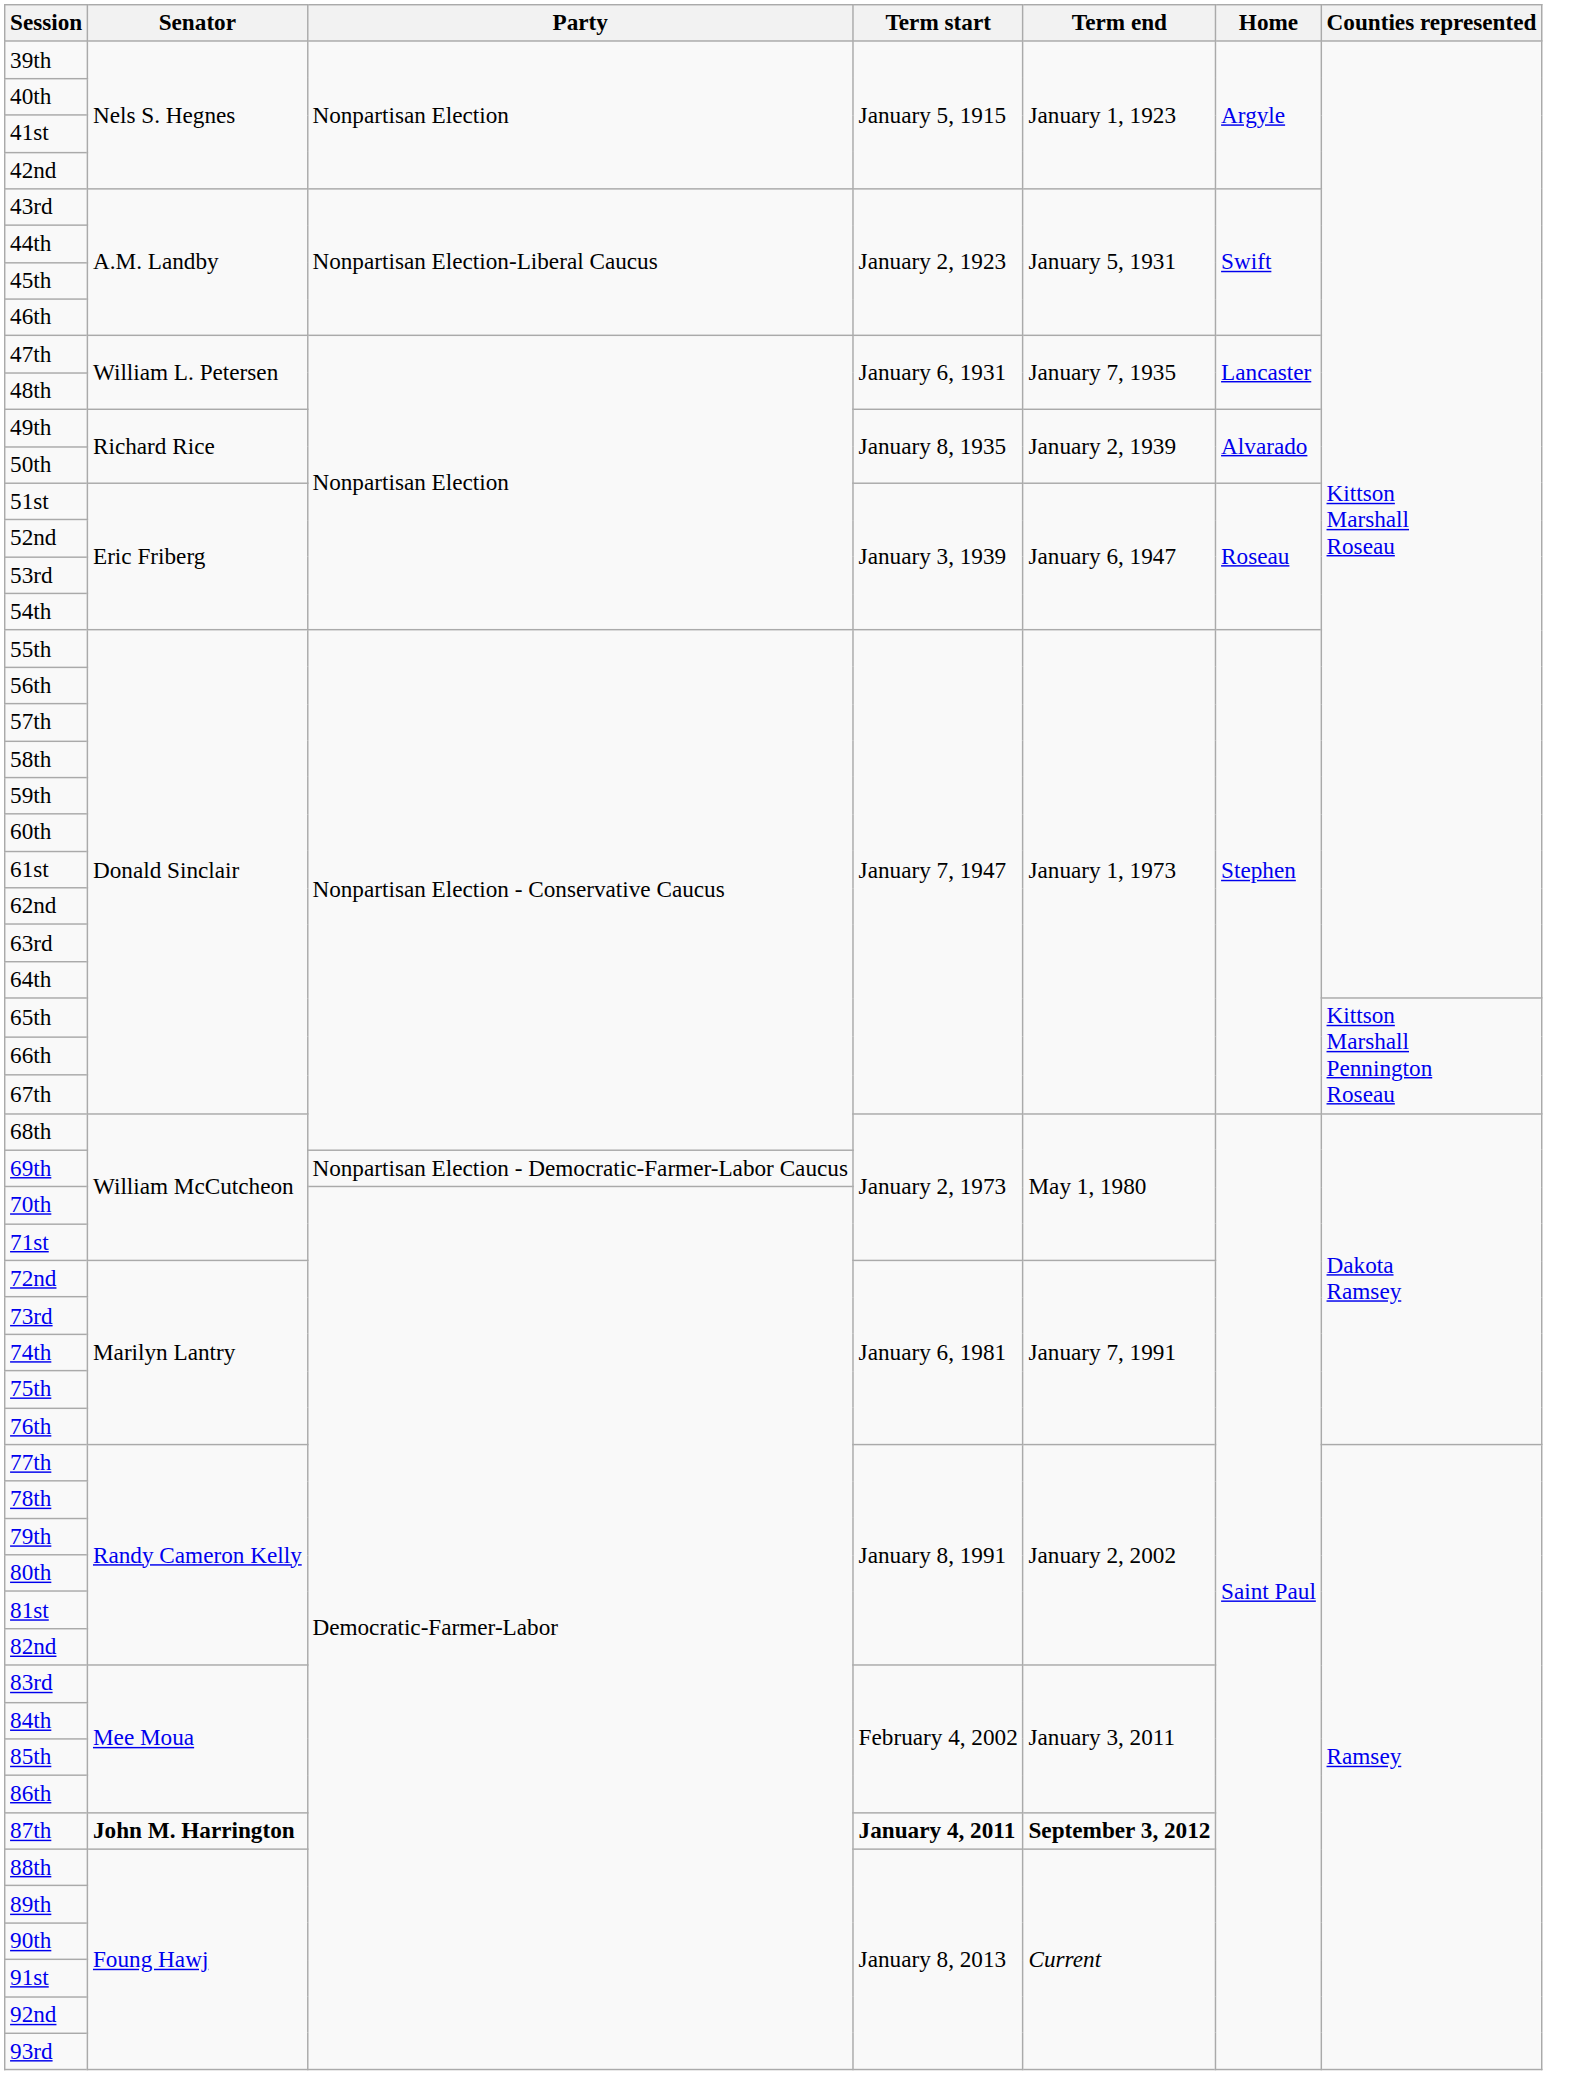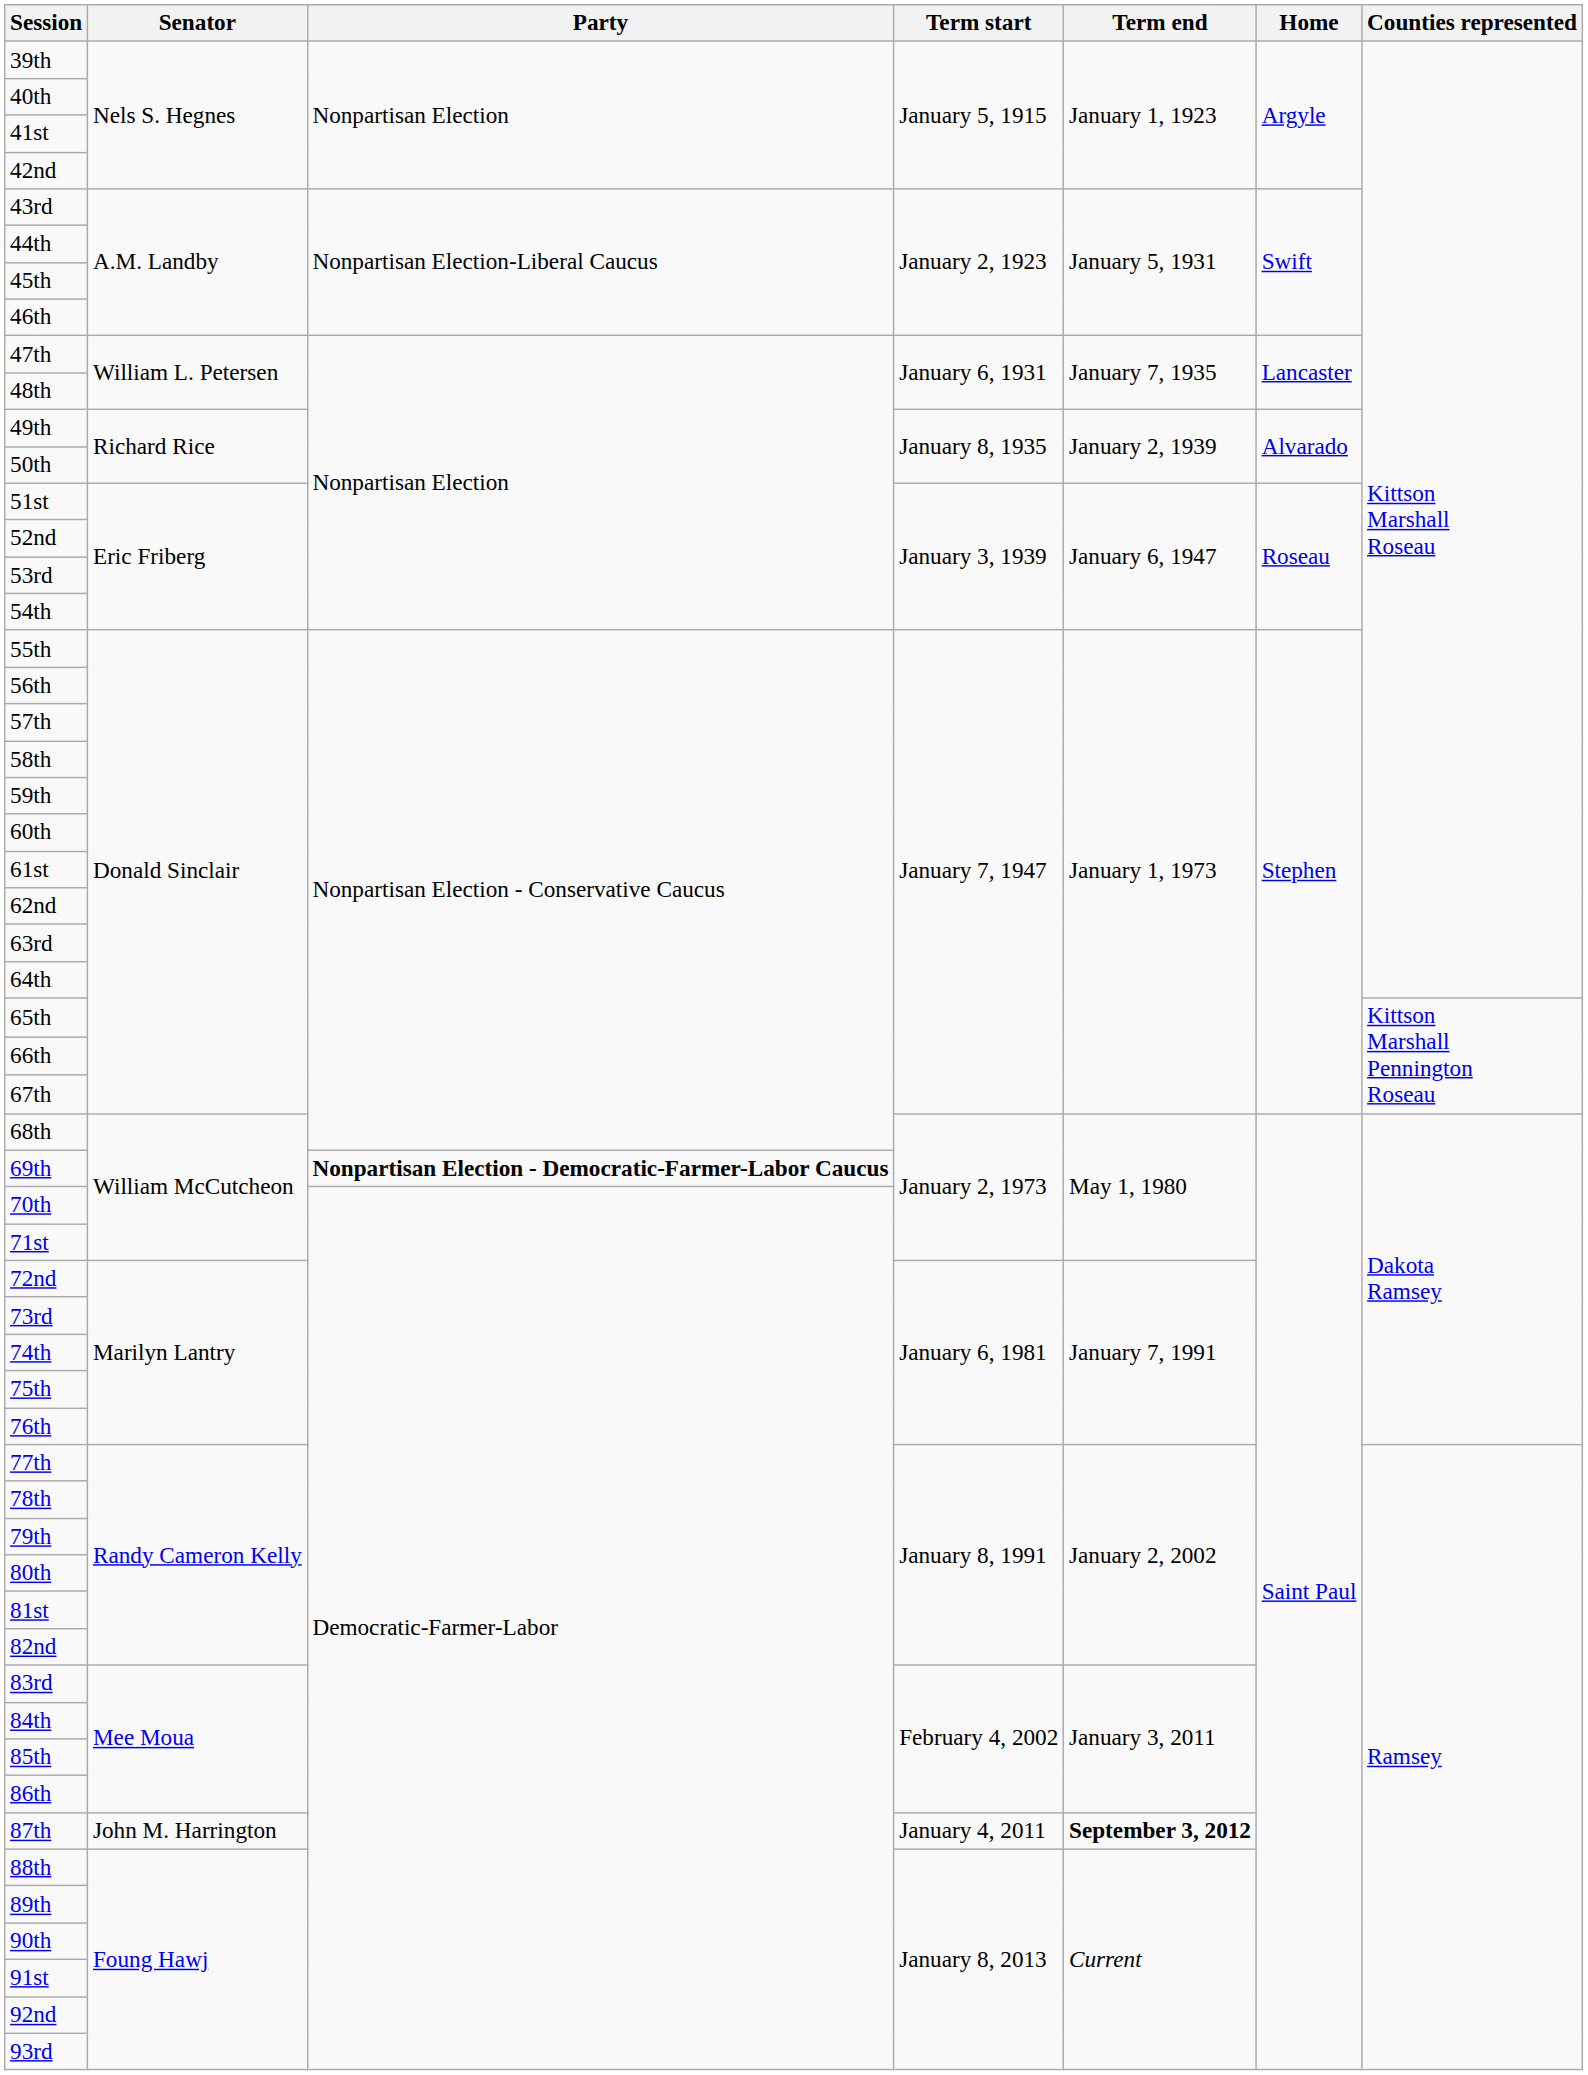 <table role="presentation" class="wikitable mw-collapsible">
 <tr>
 <th>Session</th>
 <th>Senator</th>
 <th>Party</th>
 <th>Term start</th>
 <th>Term end</th>
 <th>Home</th>
 <th>Counties represented</th>
 </tr>
 <tr>
 <td>39th</td>
 <td rowspan="4">Nels S. Hegnes</td>
 <td rowspan="4" >Nonpartisan Election</td>
 <td rowspan="4">January 5, 1915</td>
 <td rowspan="4">January 1, 1923</td>
 <td rowspan="4"><a href='#'>Argyle</a></td>
 <td rowspan="26"><a href='#'>Kittson</a> <br> <a href='#'>Marshall</a> <br> <a href='#'>Roseau</a></td>
 </tr>
 <tr>
 <td>40th</td>
 </tr>
 <tr>
 <td>41st</td>
 </tr>
 <tr>
 <td>42nd</td>
 </tr>
 <tr>
 <td>43rd</td>
 <td rowspan="4">A.M. Landby</td>
 <td rowspan="4" >Nonpartisan Election-Liberal Caucus</td>
 <td rowspan="4">January 2, 1923</td>
 <td rowspan="4">January 5, 1931</td>
 <td rowspan="4"><a href='#'>Swift</a></td>
 </tr>
 <tr>
 <td>44th</td>
 </tr>
 <tr>
 <td>45th</td>
 </tr>
 <tr>
 <td>46th</td>
 </tr>
 <tr>
 <td>47th</td>
 <td rowspan="2">William L. Petersen</td>
 <td rowspan="8" >Nonpartisan Election</td>
 <td rowspan="2">January 6, 1931</td>
 <td rowspan="2">January 7, 1935</td>
 <td rowspan="2"><a href='#'>Lancaster</a></td>
 </tr>
 <tr>
 <td>48th</td>
 </tr>
 <tr>
 <td>49th</td>
 <td rowspan="2">Richard Rice</td>
 <td rowspan="2">January 8, 1935</td>
 <td rowspan="2">January 2, 1939</td>
 <td rowspan="2"><a href='#'>Alvarado</a></td>
 </tr>
 <tr>
 <td>50th</td>
 </tr>
 <tr>
 <td>51st</td>
 <td rowspan="4">Eric Friberg</td>
 <td rowspan="4">January 3, 1939</td>
 <td rowspan="4">January 6, 1947</td>
 <td rowspan="4"><a href='#'>Roseau</a></td>
 </tr>
 <tr>
 <td>52nd</td>
 </tr>
 <tr>
 <td>53rd</td>
 </tr>
 <tr>
 <td>54th</td>
 </tr>
 <tr>
 <td>55th</td>
 <td rowspan="13">Donald Sinclair</td>
 <td rowspan="14" >Nonpartisan Election - Conservative Caucus</td>
 <td rowspan="13">January 7, 1947</td>
 <td rowspan="13">January 1, 1973</td>
 <td rowspan="13"><a href='#'>Stephen</a></td>
 </tr>
 <tr>
 <td>56th</td>
 </tr>
 <tr>
 <td>57th</td>
 </tr>
 <tr>
 <td>58th</td>
 </tr>
 <tr>
 <td>59th</td>
 </tr>
 <tr>
 <td>60th</td>
 </tr>
 <tr>
 <td>61st</td>
 </tr>
 <tr>
 <td>62nd</td>
 </tr>
 <tr>
 <td>63rd</td>
 </tr>
 <tr>
 <td>64th</td>
 </tr>
 <tr>
 <td>65th</td>
 <td rowspan="3"><a href='#'>Kittson</a> <br> <a href='#'>Marshall</a> <br> <a href='#'>Pennington</a> <br> <a href='#'>Roseau</a></td>
 </tr>
 <tr>
 <td>66th</td>
 </tr>
 <tr>
 <td>67th</td>
 </tr>
 <tr>
 <td>68th</td>
 <td rowspan="4">William McCutcheon</td>
 <td rowspan="4">January 2, 1973</td>
 <td rowspan="4">May 1, 1980</td>
 <td rowspan="26"><a href='#'>Saint Paul</a></td>
 <td rowspan="9"><a href='#'>Dakota</a> <br> <a href='#'>Ramsey</a></td>
 </tr>
 <tr>
 <td><a href='#'>69th</a></td>
-<td>Nonpartisan Election - Democratic-Farmer-Labor Caucus</td>
+<td><strong>Nonpartisan Election - Democratic-Farmer-Labor Caucus</strong></td>
 </tr>
 <tr>
 <td><a href='#'>70th</a></td>
 <td rowspan="24" >Democratic-Farmer-Labor</td>
 </tr>
 <tr>
 <td><a href='#'>71st</a></td>
 </tr>
 <tr>
 <td><a href='#'>72nd</a></td>
 <td rowspan="5">Marilyn Lantry</td>
 <td rowspan="5">January 6, 1981</td>
 <td rowspan="5">January 7, 1991</td>
 </tr>
 <tr>
 <td><a href='#'>73rd</a></td>
 </tr>
 <tr>
 <td><a href='#'>74th</a></td>
 </tr>
 <tr>
 <td><a href='#'>75th</a></td>
 </tr>
 <tr>
 <td><a href='#'>76th</a></td>
 </tr>
 <tr>
 <td><a href='#'>77th</a></td>
 <td rowspan="6"><a href='#'>Randy Cameron Kelly</a></td>
 <td rowspan="6">January 8, 1991</td>
 <td rowspan="6">January 2, 2002</td>
 <td rowspan="17"><a href='#'>Ramsey</a></td>
 </tr>
 <tr>
 <td><a href='#'>78th</a></td>
 </tr>
 <tr>
 <td><a href='#'>79th</a></td>
 </tr>
 <tr>
 <td><a href='#'>80th</a></td>
 </tr>
 <tr>
 <td><a href='#'>81st</a></td>
 </tr>
 <tr>
 <td><a href='#'>82nd</a></td>
 </tr>
 <tr>
 <td><a href='#'>83rd</a></td>
 <td rowspan="4"><a href='#'>Mee Moua</a></td>
 <td rowspan="4">February 4, 2002</td>
 <td rowspan="4">January 3, 2011</td>
 </tr>
 <tr>
 <td><a href='#'>84th</a></td>
 </tr>
 <tr>
 <td><a href='#'>85th</a></td>
 </tr>
 <tr>
 <td><a href='#'>86th</a></td>
 </tr>
 <tr>
 <td><a href='#'>87th</a></td>
-<td><strong>John M. Harrington</strong></td>
-<td><strong>January 4, 2011</strong></td>
+<td>John M. Harrington</td>
+<td>January 4, 2011</td>
 <td><strong>September 3, 2012</strong></td>
 </tr>
 <tr>
 <td><a href='#'>88th</a></td>
 <td rowspan="6"><a href='#'>Foung Hawj</a></td>
 <td rowspan="6">January 8, 2013</td>
 <td rowspan="6"><em>Current</em></td>
 </tr>
 <tr>
 <td><a href='#'>89th</a></td>
 </tr>
 <tr>
 <td><a href='#'>90th</a></td>
 </tr>
 <tr>
 <td><a href='#'>91st</a></td>
 </tr>
 <tr>
 <td><a href='#'>92nd</a></td>
 </tr>
 <tr>
 <td><a href='#'>93rd</a></td>
 </tr>
 </table>
